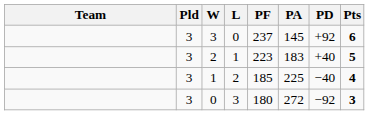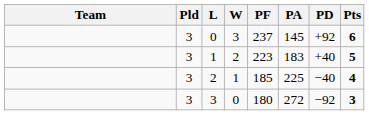 <table class="wikitable" style="text-align:center;">
 <tr>
 <th width=200>Team</th>
 <th width=20>Pld</th>
+<th width=20>L</th>
 <th width=20>W</th>
-<th width=20>L</th>
 <th width=30>PF</th>
 <th width=30>PA</th>
 <th width=30>PD</th>
 <th width=20>Pts</th>
 </tr>
 <tr>
 <td align=left></td>
 <td>3</td>
+<td>0</td>
 <td>3</td>
-<td>0</td>
 <td>237</td>
 <td>145</td>
 <td>+92</td>
 <td><strong>6</strong></td>
 </tr>
 <tr>
 <td align=left></td>
 <td>3</td>
+<td>1</td>
 <td>2</td>
-<td>1</td>
 <td>223</td>
 <td>183</td>
 <td>+40</td>
 <td><strong>5</strong></td>
 </tr>
 <tr>
 <td align=left></td>
 <td>3</td>
+<td>2</td>
 <td>1</td>
-<td>2</td>
 <td>185</td>
 <td>225</td>
 <td>−40</td>
 <td><strong>4</strong></td>
 </tr>
 <tr>
 <td align=left></td>
 <td>3</td>
+<td>3</td>
 <td>0</td>
-<td>3</td>
 <td>180</td>
 <td>272</td>
 <td>−92</td>
 <td><strong>3</strong></td>
 </tr>
 </table>
